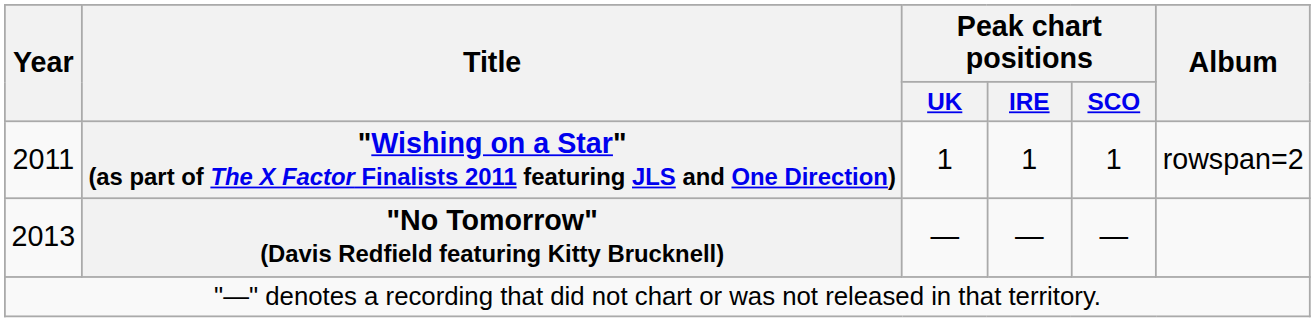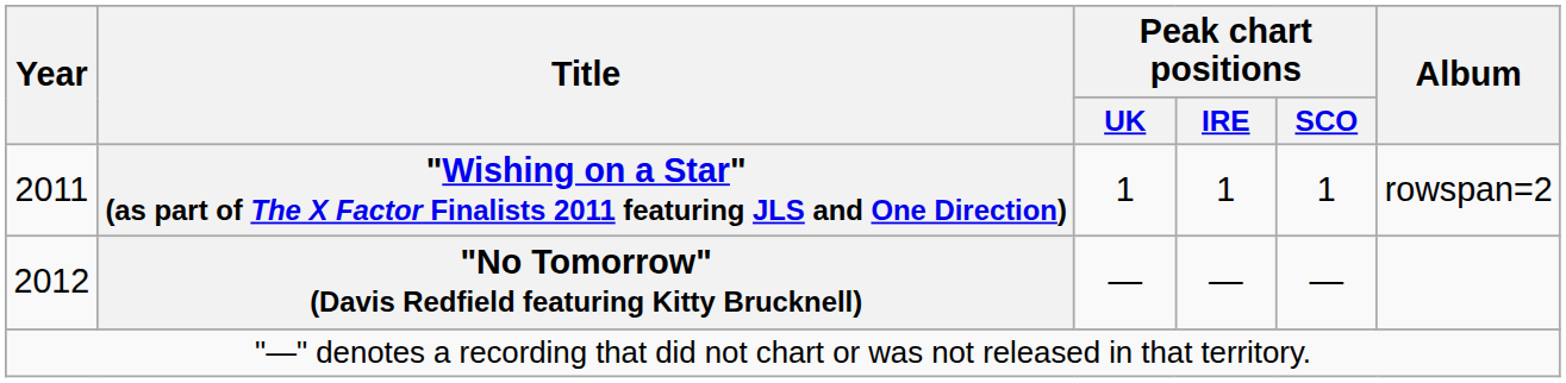 <table class="wikitable plainrowheaders" style="text-align:center;">
 <tr>
 <th scope="col" rowspan="2">Year</th>
 <th scope="col" rowspan="2">Title</th>
 <th scope="col" colspan="3">Peak chart positions</th>
 <th scope="col" rowspan="2">Album</th>
 </tr>
 <tr>
 <th scope="col" style="width:3em;font-size:85%;"><a href='#'>UK</a><br></th>
 <th scope="col" style="width:3em;font-size:85%;"><a href='#'>IRE</a><br></th>
 <th scope="col" style="width:3em;font-size:85%;"><a href='#'>SCO</a><br></th>
 </tr>
 <tr>
 <td>2011</td>
 <th scope="row">"<a href='#'>Wishing on a Star</a>"<br><small>(as part of <a href='#'><em>The X Factor</em> Finalists 2011</a> featuring <a href='#'>JLS</a> and <a href='#'>One Direction</a>)</small></th>
 <td>1</td>
 <td>1</td>
 <td>1</td>
 <td>rowspan=2 </td>
 </tr>
 <tr>
-<td>2013</td>
+<td>2012</td>
 <th scope="row">"No Tomorrow"<br><small>(Davis Redfield featuring Kitty Brucknell)</small></th>
 <td>—</td>
 <td>—</td>
 <td>—</td>
 </tr>
 <tr>
 <td colspan="10" style="font-size:90%">"—" denotes a recording that did not chart or was not released in that territory.</td>
 </tr>
 </table>
